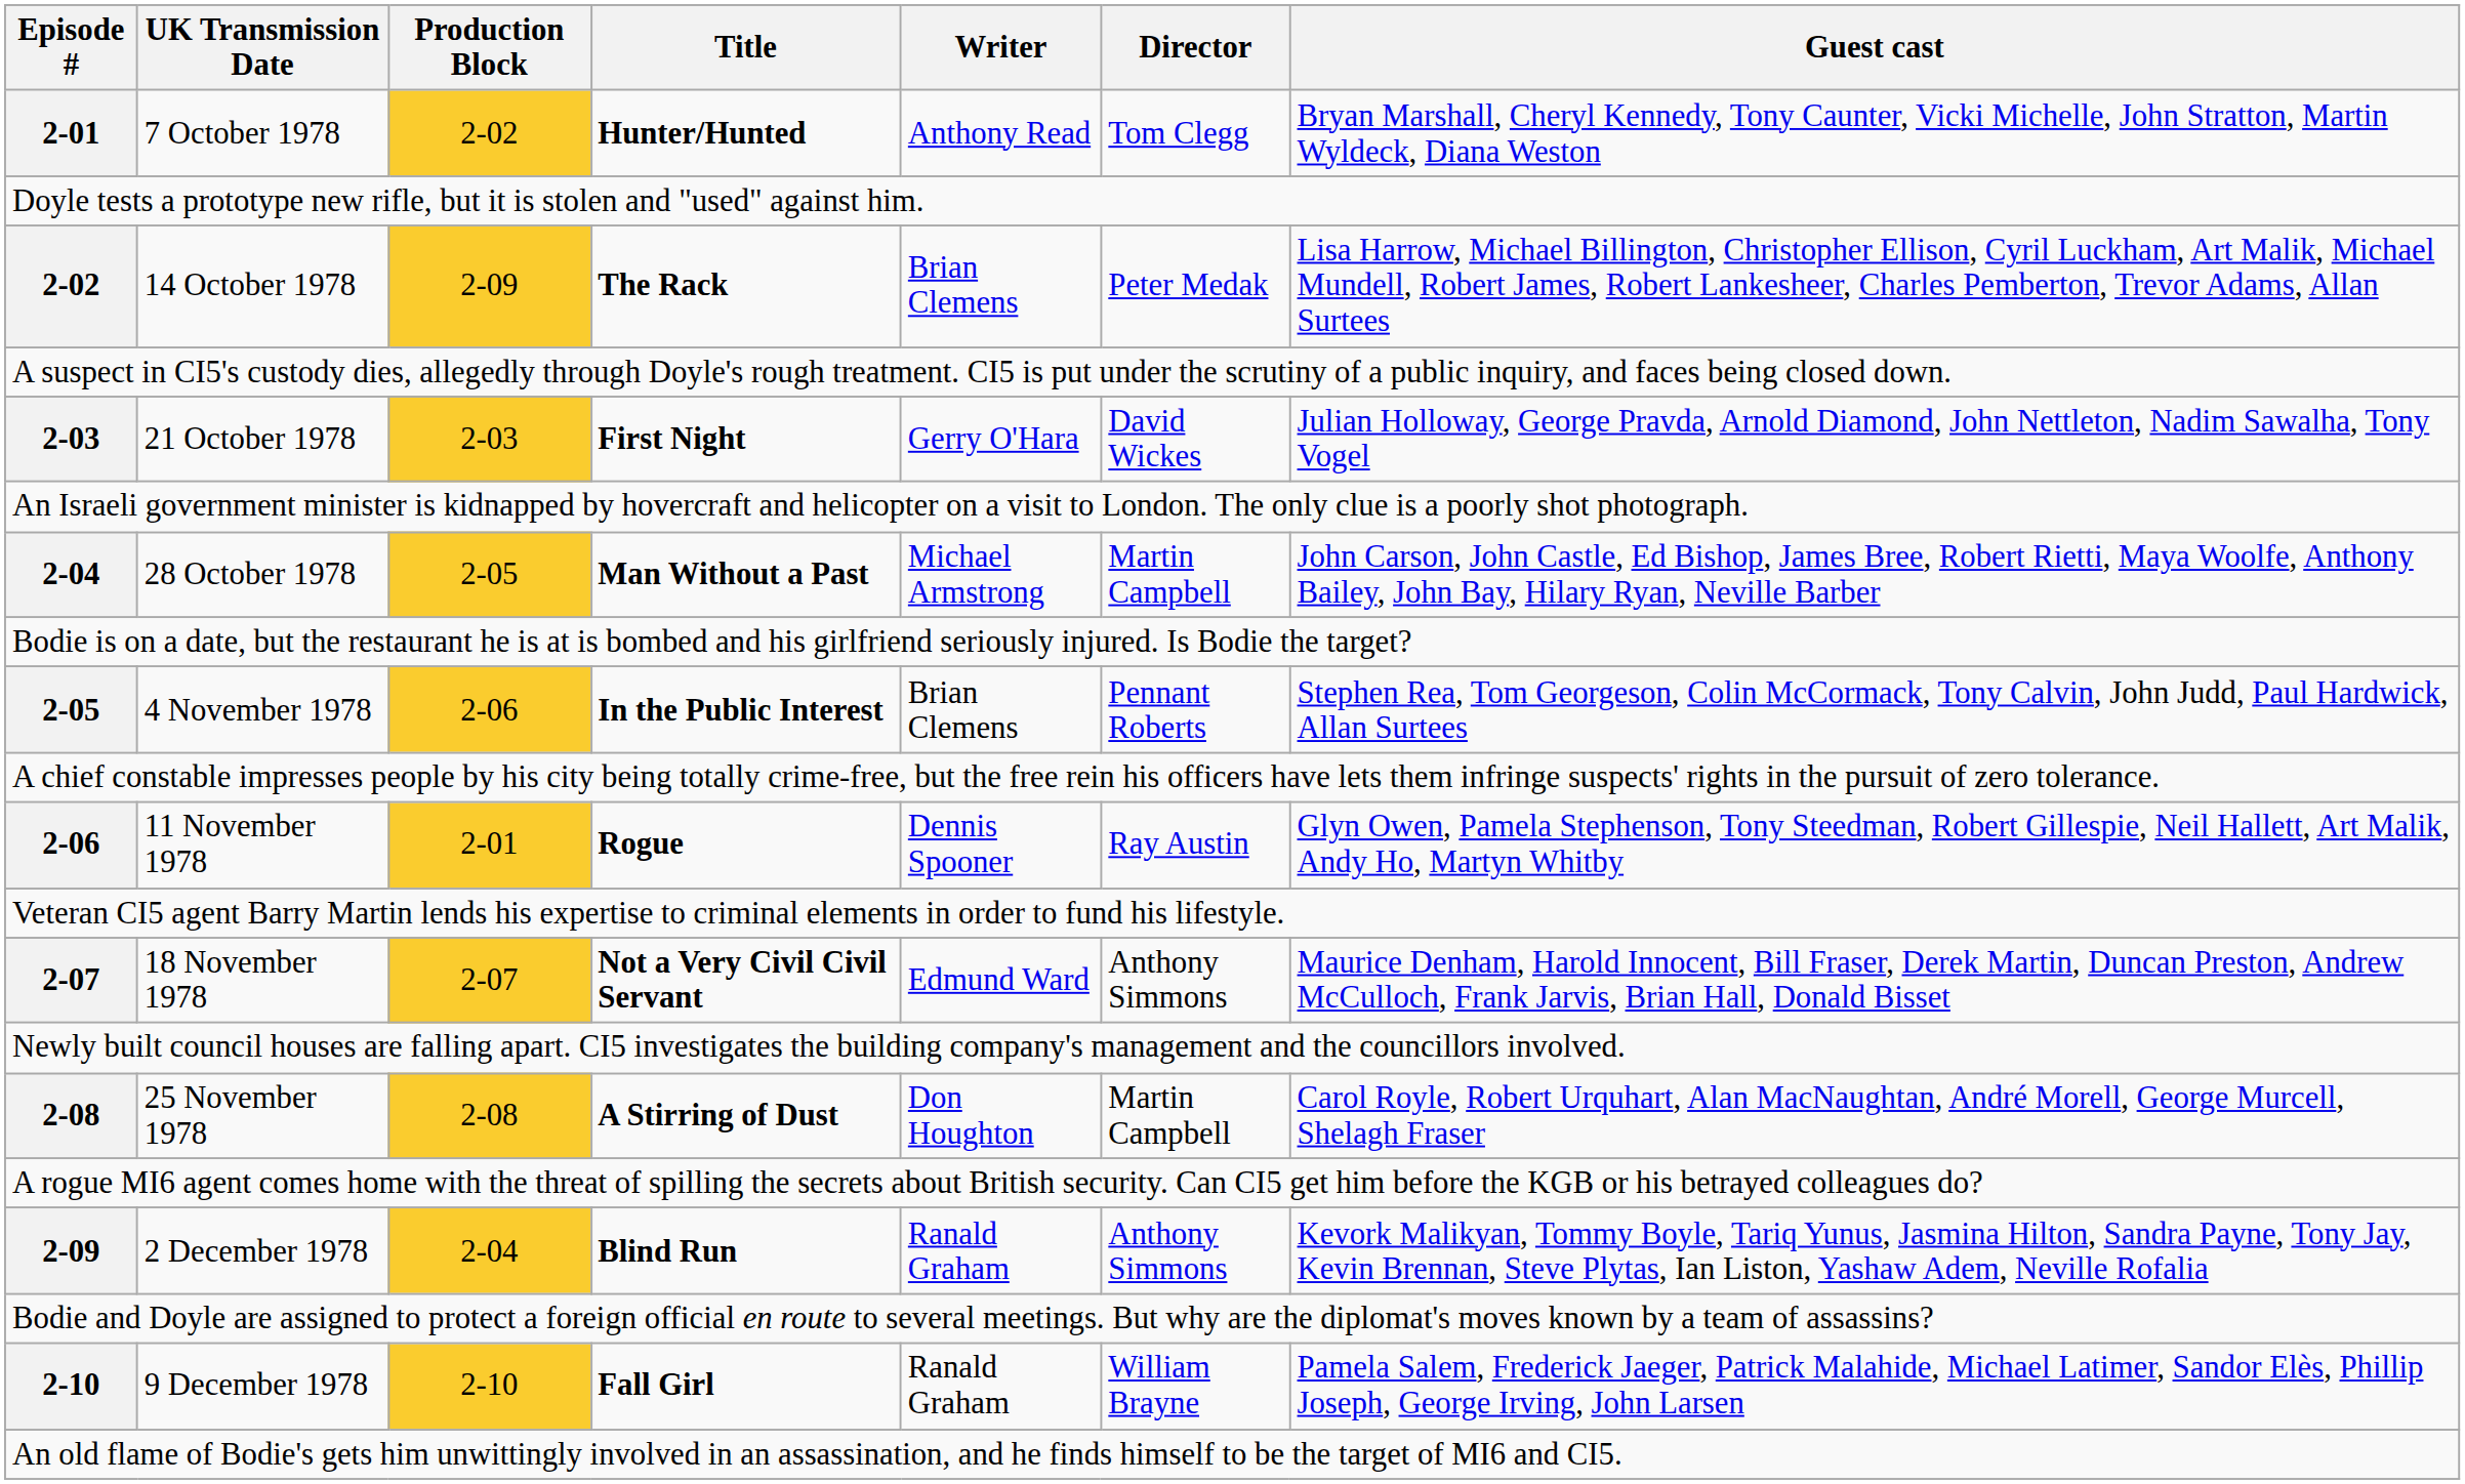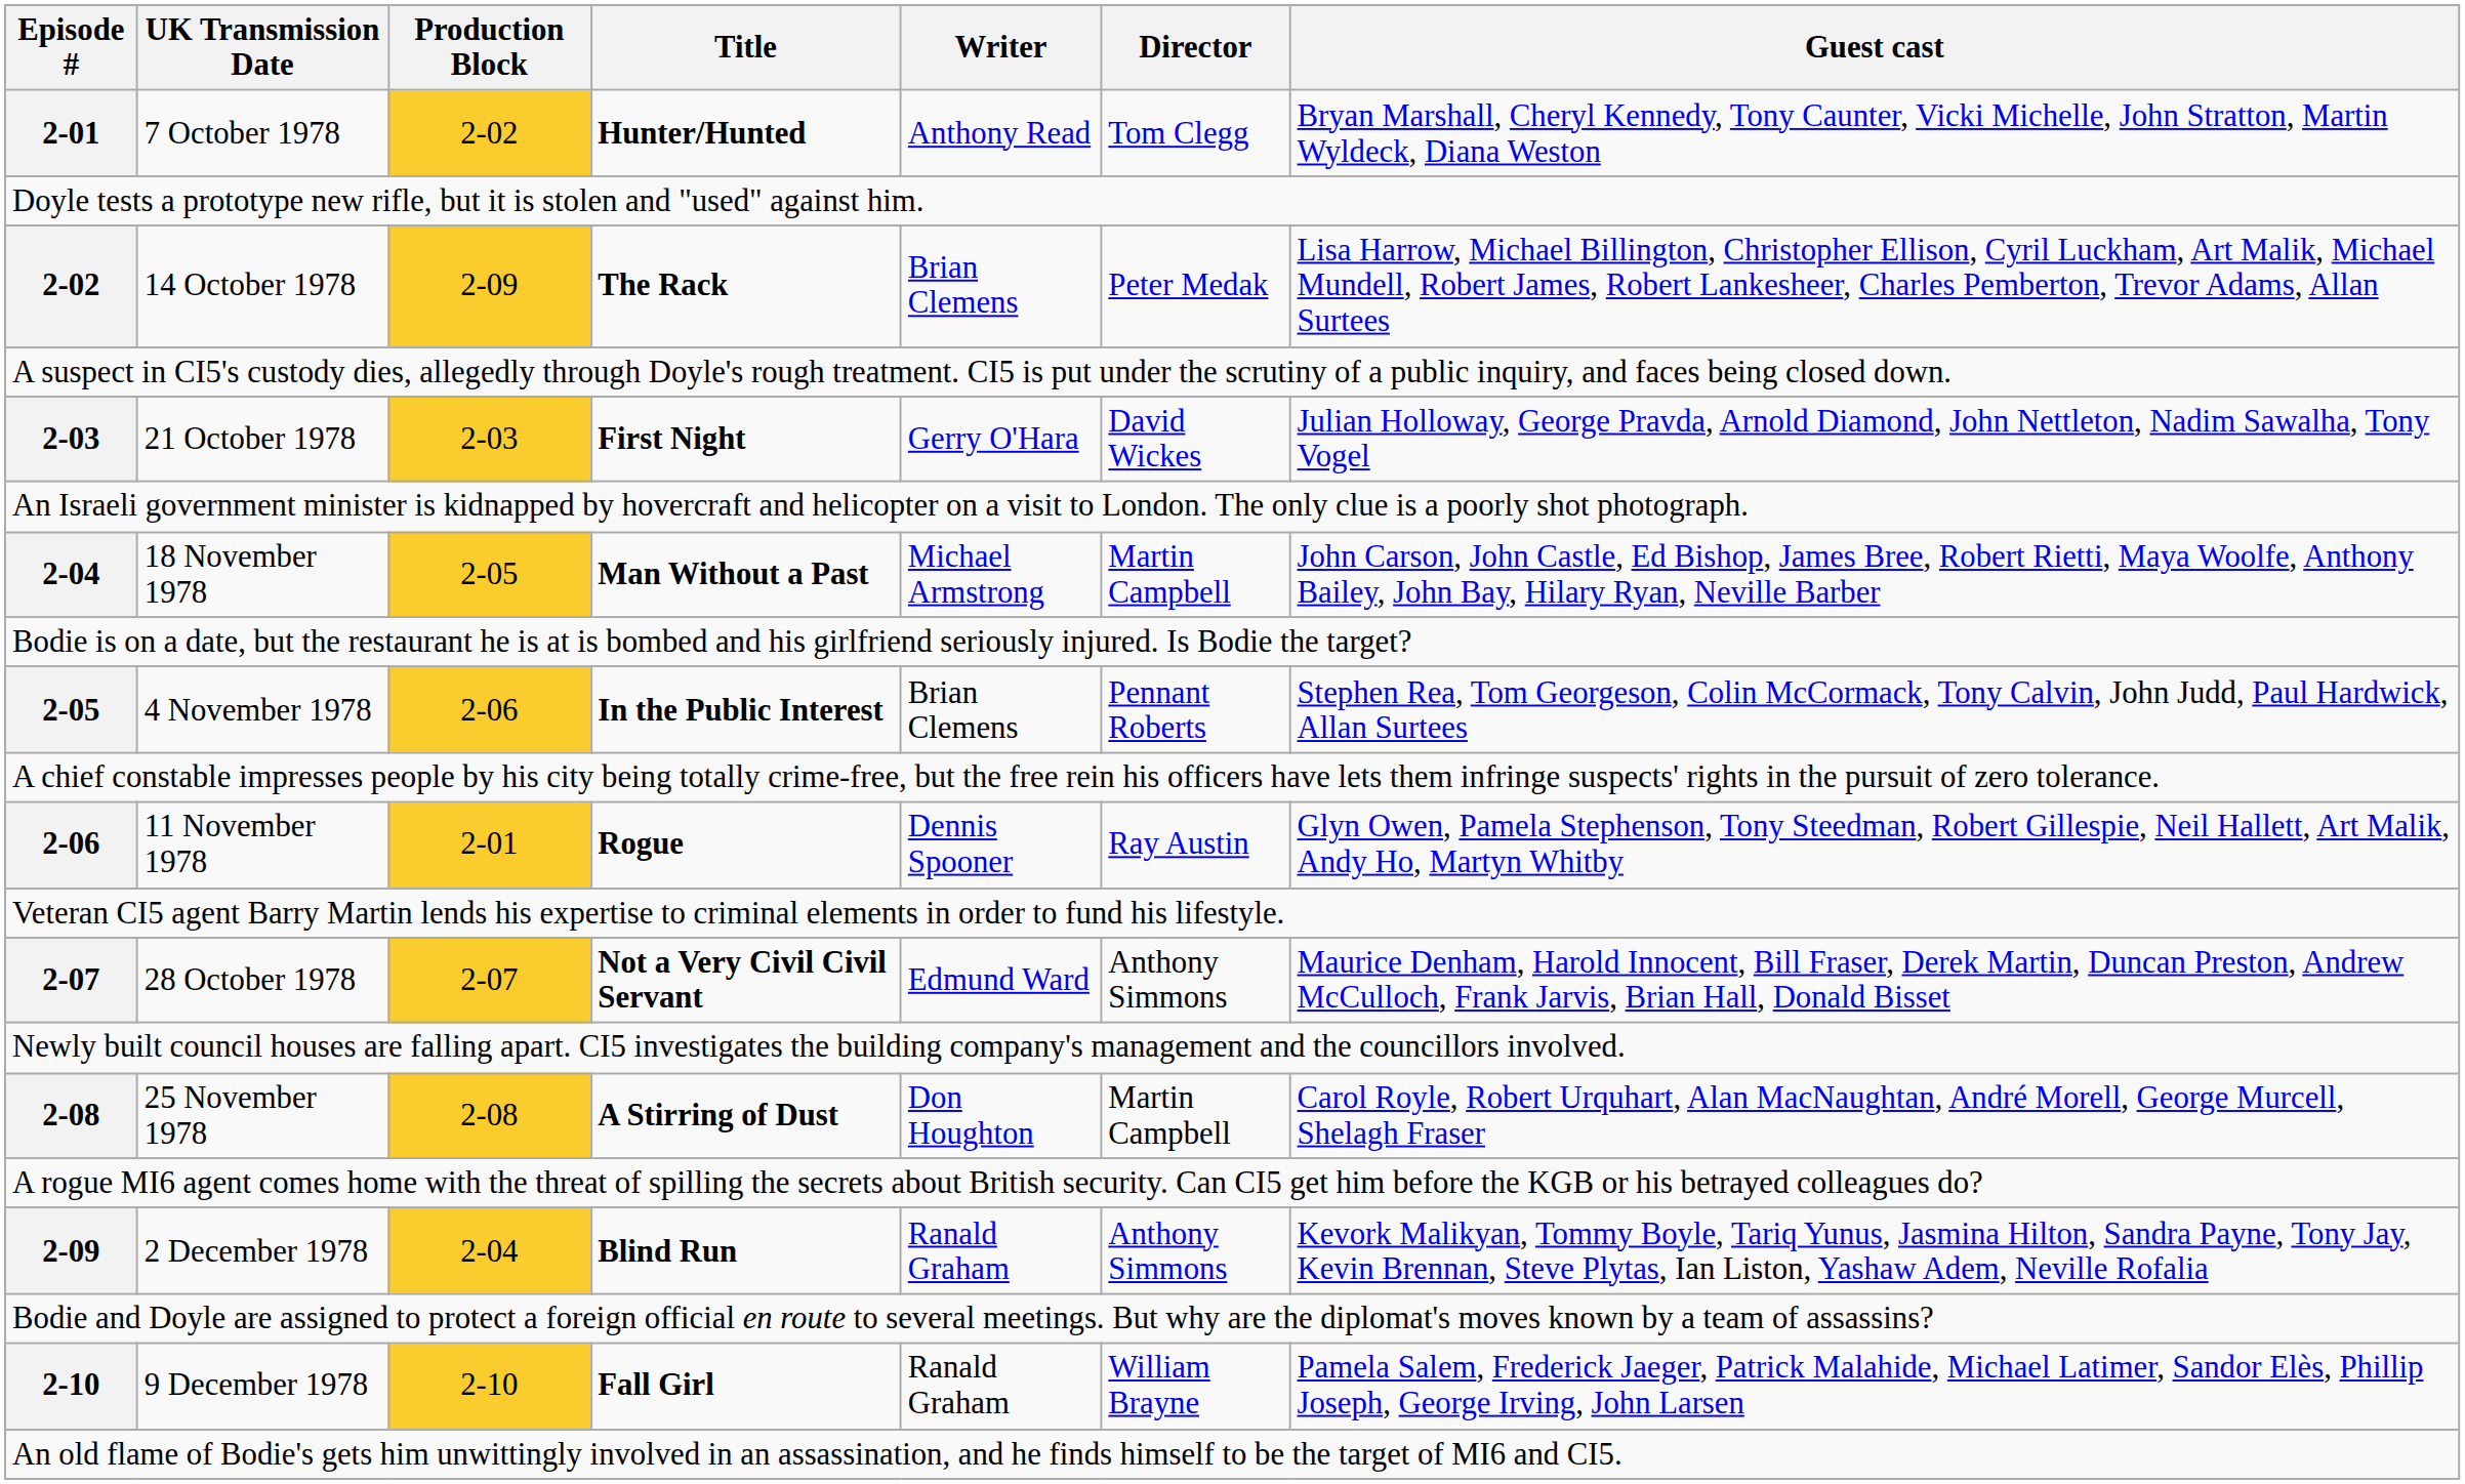 <table class="wikitable">
 <tr>
 <th>Episode #</th>
 <th>UK Transmission Date</th>
 <th>Production Block</th>
 <th>Title</th>
 <th>Writer</th>
 <th>Director</th>
 <th>Guest cast</th>
 </tr>
 <tr id="Hunter/Hunted">
 <th style="text-align:center;">2-01</th>
 <td>7 October 1978</td>
 <td style="background: #FACC2E; text-align:center;">2-02</td>
 <td><strong>Hunter/Hunted</strong></td>
 <td><a href='#'>Anthony Read</a></td>
 <td><a href='#'>Tom Clegg</a></td>
 <td><a href='#'>Bryan Marshall</a>, <a href='#'>Cheryl Kennedy</a>, <a href='#'>Tony Caunter</a>, <a href='#'>Vicki Michelle</a>, <a href='#'>John Stratton</a>, <a href='#'>Martin Wyldeck</a>, <a href='#'>Diana Weston</a></td>
 </tr>
 <tr>
 <td colspan="7">Doyle tests a prototype new rifle, but it is stolen and "used" against him.</td>
 </tr>
 <tr id="The Rack">
 <th style="text-align:center;">2-02</th>
 <td>14 October 1978</td>
 <td style="background: #FACC2E; text-align:center;">2-09</td>
 <td><strong>The Rack</strong></td>
 <td><a href='#'>Brian Clemens</a></td>
 <td><a href='#'>Peter Medak</a></td>
 <td><a href='#'>Lisa Harrow</a>, <a href='#'>Michael Billington</a>, <a href='#'>Christopher Ellison</a>, <a href='#'>Cyril Luckham</a>, <a href='#'>Art Malik</a>, <a href='#'>Michael Mundell</a>, <a href='#'>Robert James</a>, <a href='#'>Robert Lankesheer</a>, <a href='#'>Charles Pemberton</a>, <a href='#'>Trevor Adams</a>, <a href='#'>Allan Surtees</a></td>
 </tr>
 <tr>
 <td colspan="7">A suspect in CI5's custody dies, allegedly through Doyle's rough treatment. CI5 is put under the scrutiny of a public inquiry, and faces being closed down.</td>
 </tr>
 <tr id="First Night">
 <th style="text-align:center;">2-03</th>
 <td>21 October 1978</td>
 <td style="background: #FACC2E; text-align:center;">2-03</td>
 <td><strong>First Night</strong></td>
 <td><a href='#'>Gerry O'Hara</a></td>
 <td><a href='#'>David Wickes</a></td>
 <td><a href='#'>Julian Holloway</a>, <a href='#'>George Pravda</a>, <a href='#'>Arnold Diamond</a>, <a href='#'>John Nettleton</a>, <a href='#'>Nadim Sawalha</a>, <a href='#'>Tony Vogel</a></td>
 </tr>
 <tr>
 <td colspan="7">An Israeli government minister is kidnapped by hovercraft and helicopter on a visit to London. The only clue is a poorly shot photograph.</td>
 </tr>
 <tr id="Man Without a Past">
 <th style="text-align:center;">2-04</th>
-<td>28 October 1978</td>
+<td>18 November 1978</td>
 <td style="background: #FACC2E; text-align:center;">2-05</td>
 <td><strong>Man Without a Past</strong></td>
 <td><a href='#'>Michael Armstrong</a></td>
 <td><a href='#'>Martin Campbell</a></td>
 <td><a href='#'>John Carson</a>, <a href='#'>John Castle</a>, <a href='#'>Ed Bishop</a>, <a href='#'>James Bree</a>, <a href='#'>Robert Rietti</a>, <a href='#'>Maya Woolfe</a>, <a href='#'>Anthony Bailey</a>, <a href='#'>John Bay</a>, <a href='#'>Hilary Ryan</a>, <a href='#'>Neville Barber</a></td>
 </tr>
 <tr>
 <td colspan="7">Bodie is on a date, but the restaurant he is at is bombed and his girlfriend seriously injured. Is Bodie the target?</td>
 </tr>
 <tr id="In the Public Interest">
 <th style="text-align:center;">2-05</th>
 <td>4 November 1978</td>
 <td style="background: #FACC2E; text-align:center;">2-06</td>
 <td><strong>In the Public Interest</strong></td>
 <td>Brian Clemens</td>
 <td><a href='#'>Pennant Roberts</a></td>
 <td><a href='#'>Stephen Rea</a>, <a href='#'>Tom Georgeson</a>, <a href='#'>Colin McCormack</a>, <a href='#'>Tony Calvin</a>, John Judd, <a href='#'>Paul Hardwick</a>, <a href='#'>Allan Surtees</a></td>
 </tr>
 <tr>
 <td colspan="7">A chief constable impresses people by his city being totally crime-free, but the free rein his officers have lets them infringe suspects' rights in the pursuit of zero tolerance.</td>
 </tr>
 <tr id="Rogue">
 <th style="text-align:center;">2-06</th>
 <td>11 November 1978</td>
 <td style="background: #FACC2E; text-align:center;">2-01</td>
 <td><strong>Rogue</strong></td>
 <td><a href='#'>Dennis Spooner</a></td>
 <td><a href='#'>Ray Austin</a></td>
 <td><a href='#'>Glyn Owen</a>, <a href='#'>Pamela Stephenson</a>, <a href='#'>Tony Steedman</a>, <a href='#'>Robert Gillespie</a>, <a href='#'>Neil Hallett</a>, <a href='#'>Art Malik</a>, <a href='#'>Andy Ho</a>, <a href='#'>Martyn Whitby</a></td>
 </tr>
 <tr>
 <td colspan="7">Veteran CI5 agent Barry Martin lends his expertise to criminal elements in order to fund his lifestyle.</td>
 </tr>
 <tr id="Not a Very Civil Civil Servant">
 <th style="text-align:center;">2-07</th>
-<td>18 November 1978</td>
+<td>28 October 1978</td>
 <td style="background: #FACC2E; text-align:center;">2-07</td>
 <td><strong>Not a Very Civil Civil Servant</strong></td>
 <td><a href='#'>Edmund Ward</a></td>
 <td>Anthony Simmons</td>
 <td><a href='#'>Maurice Denham</a>, <a href='#'>Harold Innocent</a>, <a href='#'>Bill Fraser</a>, <a href='#'>Derek Martin</a>, <a href='#'>Duncan Preston</a>, <a href='#'>Andrew McCulloch</a>, <a href='#'>Frank Jarvis</a>, <a href='#'>Brian Hall</a>, <a href='#'>Donald Bisset</a></td>
 </tr>
 <tr>
 <td colspan="7">Newly built council houses are falling apart. CI5 investigates the building company's management and the councillors involved.</td>
 </tr>
 <tr id="A Stirring of Dust">
 <th style="text-align:center;">2-08</th>
 <td>25 November 1978</td>
 <td style="background: #FACC2E; text-align:center;">2-08</td>
 <td><strong>A Stirring of Dust</strong></td>
 <td><a href='#'>Don Houghton</a></td>
 <td>Martin Campbell</td>
 <td><a href='#'>Carol Royle</a>, <a href='#'>Robert Urquhart</a>, <a href='#'>Alan MacNaughtan</a>, <a href='#'>André Morell</a>, <a href='#'>George Murcell</a>, <a href='#'>Shelagh Fraser</a></td>
 </tr>
 <tr>
 <td colspan="7">A rogue MI6 agent comes home with the threat of spilling the secrets about British security. Can CI5 get him before the KGB or his betrayed colleagues do?</td>
 </tr>
 <tr id="Blind Run">
 <th style="text-align:center;">2-09</th>
 <td>2 December 1978</td>
 <td style="background: #FACC2E; text-align:center;">2-04</td>
 <td><strong>Blind Run</strong></td>
 <td><a href='#'>Ranald Graham</a></td>
 <td><a href='#'>Anthony Simmons</a></td>
 <td><a href='#'>Kevork Malikyan</a>, <a href='#'>Tommy Boyle</a>, <a href='#'>Tariq Yunus</a>, <a href='#'>Jasmina Hilton</a>, <a href='#'>Sandra Payne</a>, <a href='#'>Tony Jay</a>, <a href='#'>Kevin Brennan</a>, <a href='#'>Steve Plytas</a>, Ian Liston, <a href='#'>Yashaw Adem</a>, <a href='#'>Neville Rofalia</a></td>
 </tr>
 <tr>
 <td colspan="7">Bodie and Doyle are assigned to protect a foreign official <em>en route</em> to several meetings. But why are the diplomat's moves known by a team of assassins?</td>
 </tr>
 <tr id="Fall Girl">
 <th style="text-align:center;">2-10</th>
 <td>9 December 1978</td>
 <td style="background: #FACC2E; text-align:center;">2-10</td>
 <td><strong>Fall Girl</strong></td>
 <td>Ranald Graham</td>
 <td><a href='#'>William Brayne</a></td>
 <td><a href='#'>Pamela Salem</a>, <a href='#'>Frederick Jaeger</a>, <a href='#'>Patrick Malahide</a>, <a href='#'>Michael Latimer</a>, <a href='#'>Sandor Elès</a>, <a href='#'>Phillip Joseph</a>, <a href='#'>George Irving</a>, <a href='#'>John Larsen</a></td>
 </tr>
 <tr>
 <td colspan="7">An old flame of Bodie's gets him unwittingly involved in an assassination, and he finds himself to be the target of MI6 and CI5.</td>
 </tr>
 </table>
